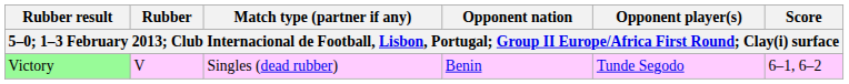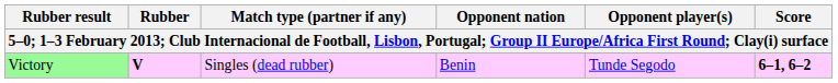 <table class=wikitable style=font-size:97%>
 <tr>
 <th scope="col">Rubber result</th>
 <th scope="col">Rubber</th>
 <th scope="col">Match type (partner if any)</th>
 <th scope="col">Opponent nation</th>
 <th scope="col">Opponent player(s)</th>
 <th scope="col">Score</th>
 </tr>
 <tr>
 <th colspan=7>5–0; 1–3 February 2013; Club Internacional de Football, <a href='#'>Lisbon</a>, Portugal; <a href='#'>Group II Europe/Africa First Round</a>; Clay(i) surface</th>
 </tr>
 <tr style="background:#fcf;">
 <td bgcolor=98FB98>Victory</td>
-<td>V</td>
+<td><strong>V</strong></td>
 <td>Singles (<a href='#'>dead rubber</a>)</td>
 <td> <a href='#'>Benin</a></td>
 <td><a href='#'>Tunde Segodo</a></td>
-<td>6–1, 6–2</td>
+<td><strong>6–1, 6–2</strong></td>
 </tr>
 </table>
